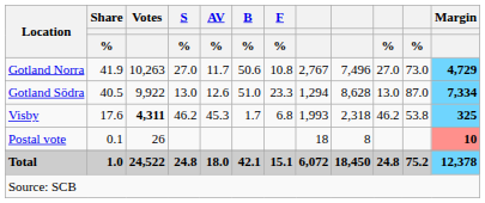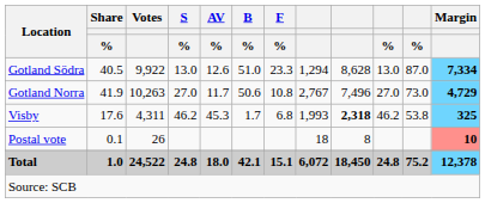 <table class="wikitable sortable" style="text-align:right; font-size:95%; line-height:20px;">
 <tr>
 <th rowspan="3">Location</th>
 <th>Share</th>
 <th>Votes</th>
 <th width="30px" class="unsortable"><a href='#'>S</a></th>
 <th width="30px" class="unsortable"><a href='#'>AV</a></th>
 <th width="30px" class="unsortable"><a href='#'>B</a></th>
 <th width="30px" class="unsortable"><a href='#'>F</a></th>
 <th></th>
 <th></th>
 <th></th>
 <th></th>
 <th>Margin</th>
 </tr>
 <tr>
 <th></th>
 <th></th>
 <th style="background:"></th>
 <th style="background:"></th>
 <th style="background:"></th>
 <th style="background:"></th>
 <th style="background:"></th>
 <th style="background:"></th>
 <th style="background:"></th>
 <th style="background:"></th>
 <th></th>
 </tr>
 <tr>
 <th data-sort-type="number">%</th>
 <th></th>
 <th data-sort-type="number">%</th>
 <th data-sort-type="number">%</th>
 <th data-sort-type="number">%</th>
 <th data-sort-type="number">%</th>
 <th></th>
 <th></th>
 <th data-sort-type="number">%</th>
 <th data-sort-type="number">%</th>
 <th></th>
 </tr>
 <tr>
+<td align=left><a href='#'>Gotland Södra</a></td>
+<td>40.5</td>
+<td>9,922</td>
+<td>13.0</td>
+<td>12.6</td>
+<td>51.0</td>
+<td>23.3</td>
+<td>1,294</td>
+<td>8,628</td>
+<td>13.0</td>
+<td>87.0</td>
+<td bgcolor=#6fd5fe><strong>7,334</strong></td>
+</tr>
+<tr>
 <td align=left><a href='#'>Gotland Norra</a></td>
 <td>41.9</td>
 <td>10,263</td>
 <td>27.0</td>
 <td>11.7</td>
 <td>50.6</td>
 <td>10.8</td>
 <td>2,767</td>
 <td>7,496</td>
 <td>27.0</td>
 <td>73.0</td>
 <td bgcolor=#6fd5fe><strong>4,729</strong></td>
 </tr>
 <tr>
-<td align=left><a href='#'>Gotland Södra</a></td>
-<td>40.5</td>
-<td>9,922</td>
-<td>13.0</td>
-<td>12.6</td>
-<td>51.0</td>
-<td>23.3</td>
-<td>1,294</td>
-<td>8,628</td>
-<td>13.0</td>
-<td>87.0</td>
-<td bgcolor=#6fd5fe><strong>7,334</strong></td>
-</tr>
-<tr>
 <td align=left><a href='#'>Visby</a></td>
 <td>17.6</td>
-<td><strong>4,311</strong></td>
+<td>4,311</td>
 <td>46.2</td>
 <td>45.3</td>
 <td>1.7</td>
 <td>6.8</td>
 <td>1,993</td>
-<td>2,318</td>
+<td><strong>2,318</strong></td>
 <td>46.2</td>
 <td>53.8</td>
 <td bgcolor=#6fd5fe><strong>325</strong></td>
 </tr>
 <tr>
 <td align=left><a href='#'>Postal vote</a></td>
 <td>0.1</td>
 <td>26</td>
 <td></td>
 <td></td>
 <td></td>
 <td></td>
 <td>18</td>
 <td>8</td>
 <td></td>
 <td></td>
 <td bgcolor=#ff908c><strong>10</strong></td>
 </tr>
 <tr>
 </tr>
 <tr style="background:#CDCDCD;">
 <td align=left><strong>Total</strong></td>
 <td><strong>1.0</strong></td>
 <td><strong>24,522</strong></td>
 <td><strong>24.8</strong></td>
 <td><strong>18.0</strong></td>
 <td><strong>42.1</strong></td>
 <td><strong>15.1</strong></td>
 <td><strong>6,072</strong></td>
 <td><strong>18,450</strong></td>
 <td><strong>24.8</strong></td>
 <td><strong>75.2</strong></td>
 <td bgcolor=#6fd5fe><strong>12,378</strong></td>
 </tr>
 <tr>
 <td align=left colspan=12>Source: SCB </td>
 </tr>
 </table>
